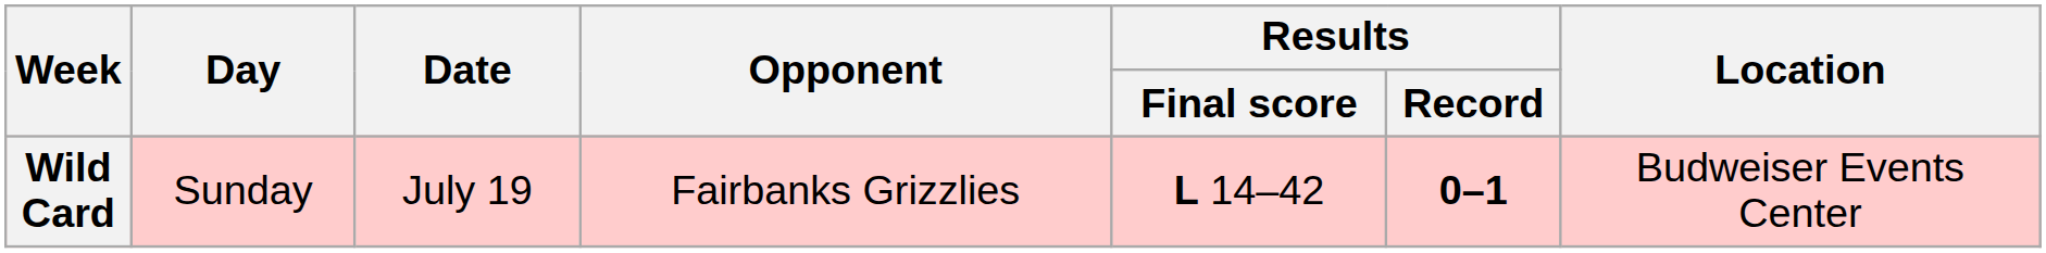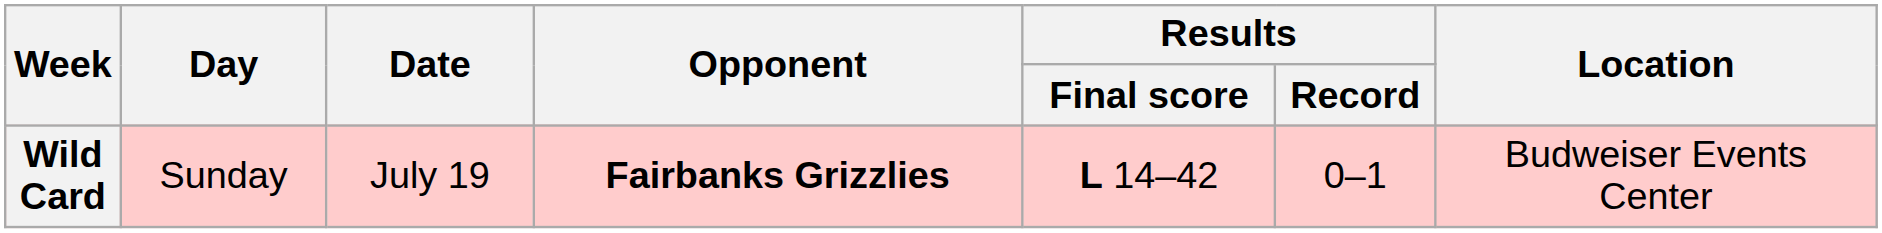 <table class="wikitable">
 <tr>
 <th rowspan="2" width="40">Week</th>
 <th rowspan="2" width="80">Day</th>
 <th rowspan="2" width="80">Date</th>
 <th rowspan="2" width="200">Opponent</th>
 <th colspan="2" width="160">Results</th>
 <th rowspan="2" width="180">Location</th>
 </tr>
 <tr>
 <th width="100">Final score</th>
 <th width="60">Record</th>
 </tr>
 <tr align="center" bgcolor="#FFCCCC">
 <th>Wild Card</th>
 <td>Sunday</td>
 <td>July 19</td>
-<td>Fairbanks Grizzlies</td>
+<td><strong>Fairbanks Grizzlies</strong></td>
 <td><strong>L</strong> 14–42</td>
-<td><strong>0–1</strong></td>
+<td>0–1</td>
 <td>Budweiser Events Center</td>
 </tr>
 </table>
